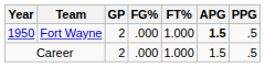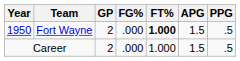 <table class="wikitable sortable" style="font-size:95%; text-align:right;">
 <tr>
 <th>Year</th>
 <th>Team</th>
 <th>GP</th>
 <th>FG%</th>
 <th>FT%</th>
 <th>APG</th>
 <th>PPG</th>
 </tr>
 <tr>
 <td style="text-align:left;"><a href='#'>1950</a></td>
 <td style="text-align:left;"><a href='#'>Fort Wayne</a></td>
 <td>2</td>
 <td>.000</td>
-<td>1.000</td>
-<td><strong>1.5</strong></td>
+<td><strong>1.000</strong></td>
+<td>1.5</td>
 <td>.5</td>
 </tr>
 <tr>
 <td style="text-align:center;" colspan="2">Career</td>
 <td>2</td>
 <td>.000</td>
 <td>1.000</td>
 <td>1.5</td>
 <td>.5</td>
 </tr>
 </table>
